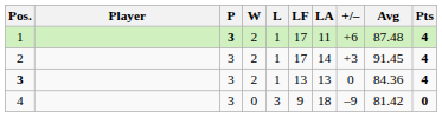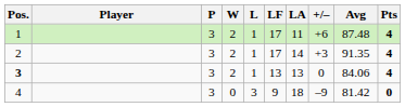 <table class="wikitable" style="text-align:center; margin: 1em auto 1em auto, align:left">
 <tr>
 <th width=20>Pos.</th>
 <th width=212>Player</th>
 <th width=20>P</th>
 <th width=20>W</th>
 <th width=20>L</th>
 <th width=20>LF</th>
 <th width=20>LA</th>
 <th width=25>+/–</th>
 <th width=50>Avg</th>
 <th width=20>Pts</th>
 </tr>
 <tr style="background:#D0F0C0;">
 <td>1</td>
 <td align=left></td>
-<td><strong>3</strong></td>
+<td>3</td>
 <td>2</td>
 <td>1</td>
 <td>17</td>
 <td>11</td>
 <td>+6</td>
 <td>87.48</td>
 <td><strong>4</strong></td>
 </tr>
 <tr style=>
 <td>2</td>
 <td align=left></td>
 <td>3</td>
 <td>2</td>
 <td>1</td>
 <td>17</td>
 <td>14</td>
 <td>+3</td>
-<td>91.45</td>
+<td>91.35</td>
 <td><strong>4</strong></td>
 </tr>
 <tr style=>
 <td><strong>3</strong></td>
 <td align=left></td>
 <td>3</td>
 <td>2</td>
 <td>1</td>
 <td>13</td>
 <td>13</td>
 <td>0</td>
-<td>84.36</td>
+<td>84.06</td>
 <td><strong>4</strong></td>
 </tr>
 <tr style=>
 <td>4</td>
 <td align=left></td>
 <td>3</td>
 <td>0</td>
 <td>3</td>
 <td>9</td>
 <td>18</td>
 <td>–9</td>
 <td>81.42</td>
 <td><strong>0</strong></td>
 </tr>
 </table>
